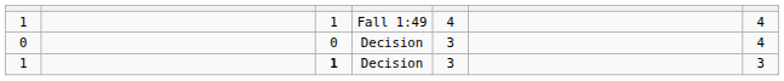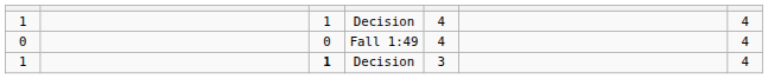 <table class="wikitable" style="text-align: center;">
 <tr>
 <th width=30></th>
 <th width=270></th>
 <th width=30></th>
 <th width=75></th>
 <th width=30></th>
 <th width=270></th>
 <th width=30></th>
 </tr>
 <tr>
 <td>1</td>
 <td align=left><strong></strong></td>
 <td>1</td>
-<td>Fall 1:49</td>
+<td>Decision</td>
 <td>4</td>
 <td align=left></td>
 <td>4</td>
 </tr>
 <tr>
 <td>0</td>
 <td align=left><strong></strong></td>
 <td>0</td>
-<td>Decision</td>
-<td>3</td>
+<td>Fall 1:49</td>
+<td>4</td>
 <td align=left></td>
 <td>4</td>
 </tr>
 <tr>
 <td>1</td>
 <td align=left><strong></strong></td>
 <td><strong>1</strong></td>
 <td>Decision</td>
 <td>3</td>
 <td align=left></td>
-<td>3</td>
+<td>4</td>
 </tr>
 </table>
